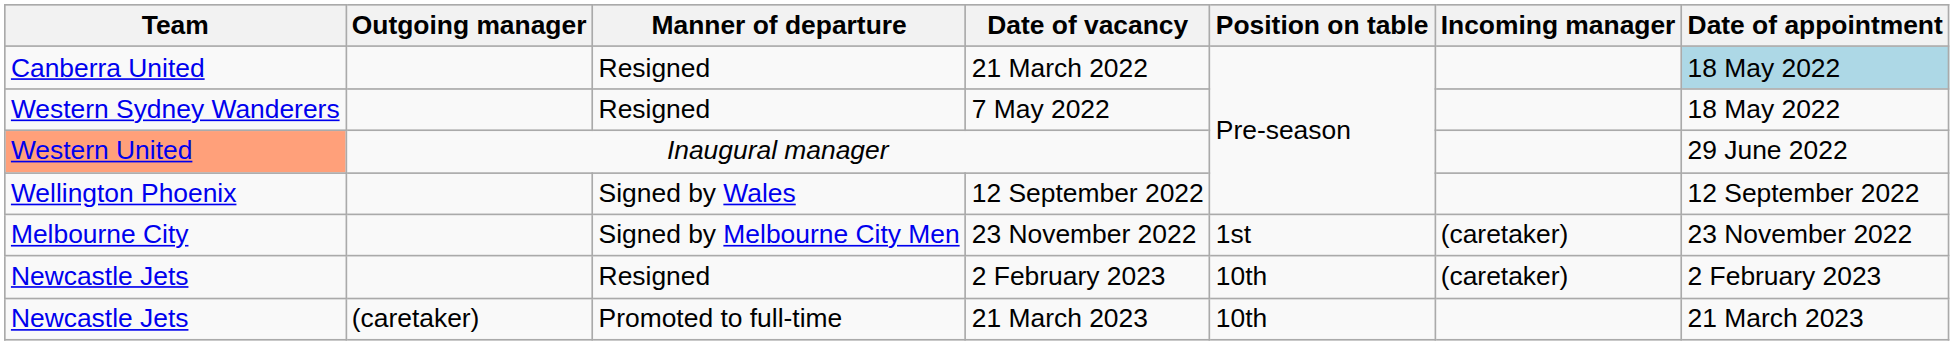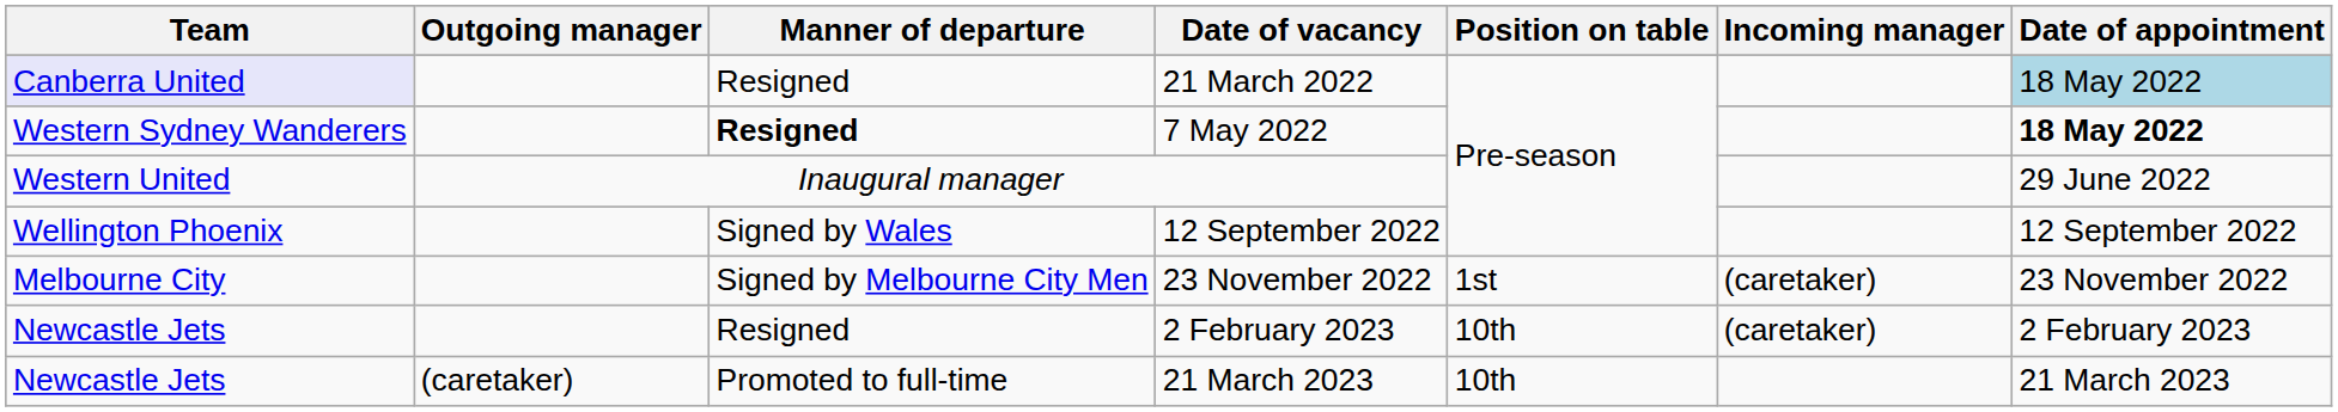 <table class="wikitable sortable">
 <tr>
 <th>Team</th>
 <th>Outgoing manager</th>
 <th>Manner of departure</th>
 <th>Date of vacancy</th>
 <th>Position on table</th>
 <th>Incoming manager</th>
 <th>Date of appointment</th>
 </tr>
 <tr>
-<td><a href='#'>Canberra United</a></td>
+<td style="background: lavender;"><a href='#'>Canberra United</a></td>
 <td></td>
 <td>Resigned</td>
 <td>21 March 2022</td>
 <td rowspan=4>Pre-season</td>
 <td></td>
 <td style="background: lightblue;">18 May 2022</td>
 </tr>
 <tr>
 <td><a href='#'>Western Sydney Wanderers</a></td>
 <td></td>
-<td>Resigned</td>
+<td><strong>Resigned</strong></td>
 <td>7 May 2022</td>
 <td></td>
-<td>18 May 2022</td>
+<td><strong>18 May 2022</strong></td>
 </tr>
 <tr>
-<td style="background: lightsalmon;"><a href='#'>Western United</a></td>
+<td><a href='#'>Western United</a></td>
 <td colspan=3 align=center><em>Inaugural manager</em></td>
 <td></td>
 <td>29 June 2022</td>
 </tr>
 <tr>
 <td><a href='#'>Wellington Phoenix</a></td>
 <td></td>
 <td>Signed by <a href='#'>Wales</a></td>
 <td>12 September 2022</td>
 <td></td>
 <td>12 September 2022</td>
 </tr>
 <tr>
 <td><a href='#'>Melbourne City</a></td>
 <td></td>
 <td>Signed by <a href='#'>Melbourne City Men</a></td>
 <td>23 November 2022</td>
 <td>1st</td>
 <td> (caretaker)</td>
 <td>23 November 2022</td>
 </tr>
 <tr>
 <td><a href='#'>Newcastle Jets</a></td>
 <td></td>
 <td>Resigned</td>
 <td>2 February 2023</td>
 <td>10th</td>
 <td> (caretaker)</td>
 <td>2 February 2023</td>
 </tr>
 <tr>
 <td><a href='#'>Newcastle Jets</a></td>
 <td> (caretaker)</td>
 <td>Promoted to full-time</td>
 <td>21 March 2023</td>
 <td>10th</td>
 <td></td>
 <td>21 March 2023</td>
 </tr>
 </table>
